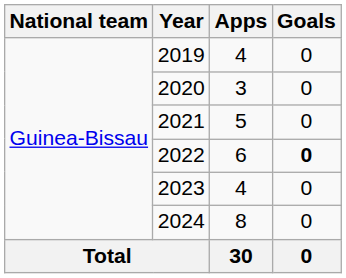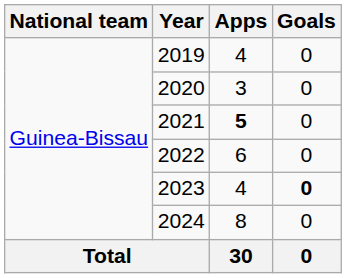 <table class="wikitable" style="text-align:center">
 <tr>
 <th>National team</th>
 <th>Year</th>
 <th>Apps</th>
 <th>Goals</th>
 </tr>
 <tr>
 <td rowspan="6"><a href='#'>Guinea-Bissau</a></td>
 <td>2019</td>
 <td>4</td>
 <td>0</td>
 </tr>
 <tr>
 <td>2020</td>
 <td>3</td>
 <td>0</td>
 </tr>
 <tr>
 <td>2021</td>
-<td>5</td>
+<td><strong>5</strong></td>
 <td>0</td>
 </tr>
 <tr>
 <td>2022</td>
 <td>6</td>
-<td><strong>0</strong></td>
+<td>0</td>
 </tr>
 <tr>
 <td>2023</td>
 <td>4</td>
-<td>0</td>
+<td><strong>0</strong></td>
 </tr>
 <tr>
 <td>2024</td>
 <td>8</td>
 <td>0</td>
 </tr>
 <tr>
 <th colspan="2">Total</th>
 <th>30</th>
 <th>0</th>
 </tr>
 </table>
